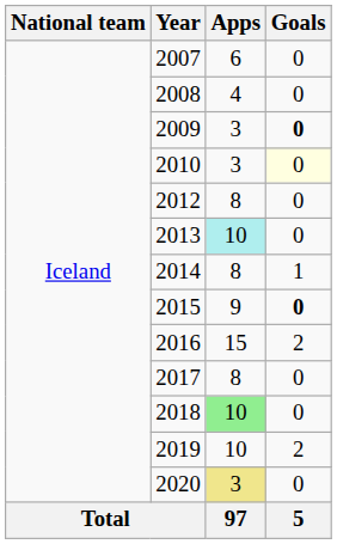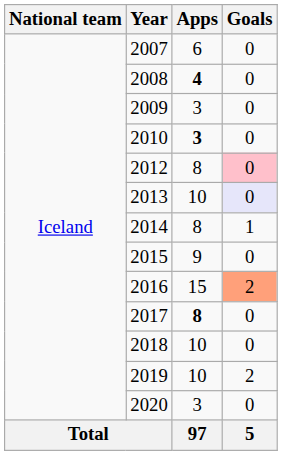 <table class="wikitable" style="text-align:center">
 <tr>
 <th>National team</th>
 <th>Year</th>
 <th>Apps</th>
 <th>Goals</th>
 </tr>
 <tr>
 <td rowspan="13"><a href='#'>Iceland</a></td>
 <td>2007</td>
 <td>6</td>
 <td>0</td>
 </tr>
 <tr>
 <td>2008</td>
-<td>4</td>
+<td><strong>4</strong></td>
 <td>0</td>
 </tr>
 <tr>
 <td>2009</td>
 <td>3</td>
-<td><strong>0</strong></td>
+<td>0</td>
 </tr>
 <tr>
 <td>2010</td>
-<td>3</td>
-<td style="background: lightyellow;">0</td>
+<td><strong>3</strong></td>
+<td>0</td>
 </tr>
 <tr>
 <td>2012</td>
 <td>8</td>
-<td>0</td>
+<td style="background: pink;">0</td>
 </tr>
 <tr>
 <td>2013</td>
-<td style="background: paleturquoise;">10</td>
-<td>0</td>
+<td>10</td>
+<td style="background: lavender;">0</td>
 </tr>
 <tr>
 <td>2014</td>
 <td>8</td>
 <td>1</td>
 </tr>
 <tr>
 <td>2015</td>
 <td>9</td>
-<td><strong>0</strong></td>
+<td>0</td>
 </tr>
 <tr>
 <td>2016</td>
 <td>15</td>
-<td>2</td>
+<td style="background: lightsalmon;">2</td>
 </tr>
 <tr>
 <td>2017</td>
-<td>8</td>
+<td><strong>8</strong></td>
 <td>0</td>
 </tr>
 <tr>
 <td>2018</td>
-<td style="background: lightgreen;">10</td>
+<td>10</td>
 <td>0</td>
 </tr>
 <tr>
 <td>2019</td>
 <td>10</td>
 <td>2</td>
 </tr>
 <tr>
 <td>2020</td>
-<td style="background: khaki;">3</td>
+<td>3</td>
 <td>0</td>
 </tr>
 <tr>
 <th colspan="2">Total</th>
 <th>97</th>
 <th>5</th>
 </tr>
 </table>
